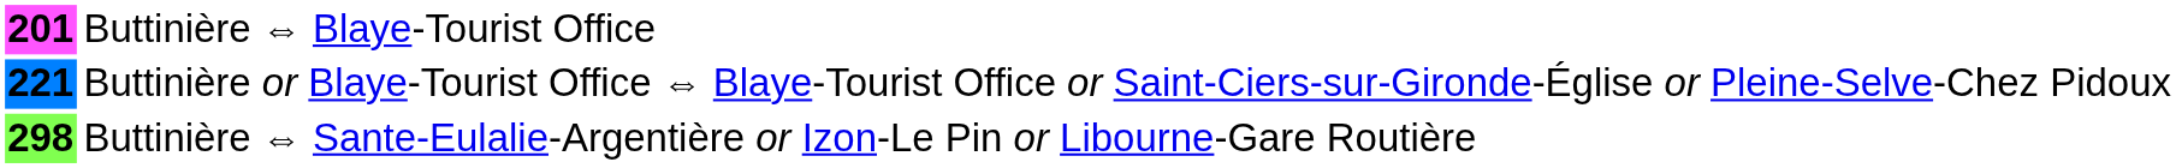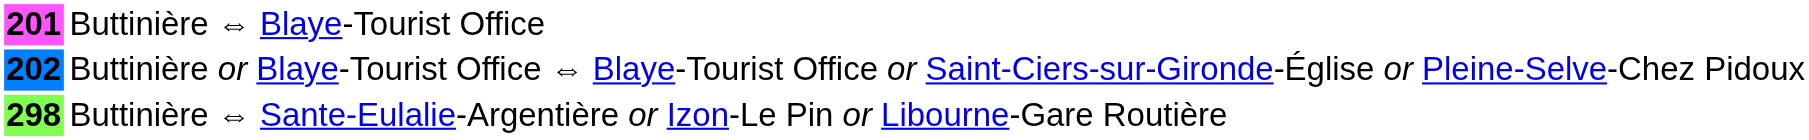 <table>
 <tr --->
 <td bgcolor="#FF55FF"><span><strong>201</strong></span></td>
 <td>Buttinière ⇔ <a href='#'>Blaye</a>-Tourist Office</td>
 </tr>
 <tr --->
-<td bgcolor="#0080FF"><span><strong>221</strong></span></td>
+<td bgcolor="#0080FF"><span><strong>202</strong></span></td>
 <td>Buttinière <em>or</em> <a href='#'>Blaye</a>-Tourist Office ⇔ <a href='#'>Blaye</a>-Tourist Office <em>or</em> <a href='#'>Saint-Ciers-sur-Gironde</a>-Église <em>or</em> <a href='#'>Pleine-Selve</a>-Chez Pidoux</td>
 </tr>
 <tr --->
 <td bgcolor="#80FF50"><span><strong>298</strong></span></td>
 <td>Buttinière  ⇔ <a href='#'>Sante-Eulalie</a>-Argentière <em>or</em> <a href='#'>Izon</a>-Le Pin <em>or</em> <a href='#'>Libourne</a>-Gare Routière</td>
 </tr>
 <tr --->
 </tr>
 </table>
